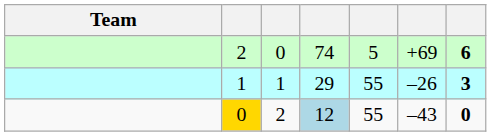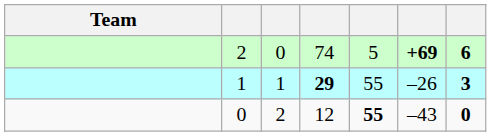 <table class="wikitable" style="text-align:center;">
 <tr>
 <th style="width:10.5em;">Team</th>
 <th style="width:1.5em;"></th>
 <th style="width:1.5em;"></th>
 <th style="width:2.0em;"></th>
 <th style="width:2.0em;"></th>
 <th style="width:2.0em;"></th>
 <th style="width:1.5em;"></th>
 </tr>
 <tr bgcolor=#cfc>
 <td align="left"></td>
 <td>2</td>
 <td>0</td>
 <td>74</td>
 <td>5</td>
-<td>+69</td>
+<td><strong>+69</strong></td>
 <td><strong>6</strong></td>
 </tr>
 <tr bgcolor=#bff>
 <td align="left"></td>
 <td>1</td>
 <td>1</td>
-<td>29</td>
+<td><strong>29</strong></td>
 <td>55</td>
 <td>–26</td>
 <td><strong>3</strong></td>
 </tr>
 <tr>
 <td align="left"></td>
-<td style="background: gold;">0</td>
+<td>0</td>
 <td>2</td>
-<td style="background: lightblue;">12</td>
-<td>55</td>
+<td>12</td>
+<td><strong>55</strong></td>
 <td>–43</td>
 <td><strong>0</strong></td>
 </tr>
 </table>
